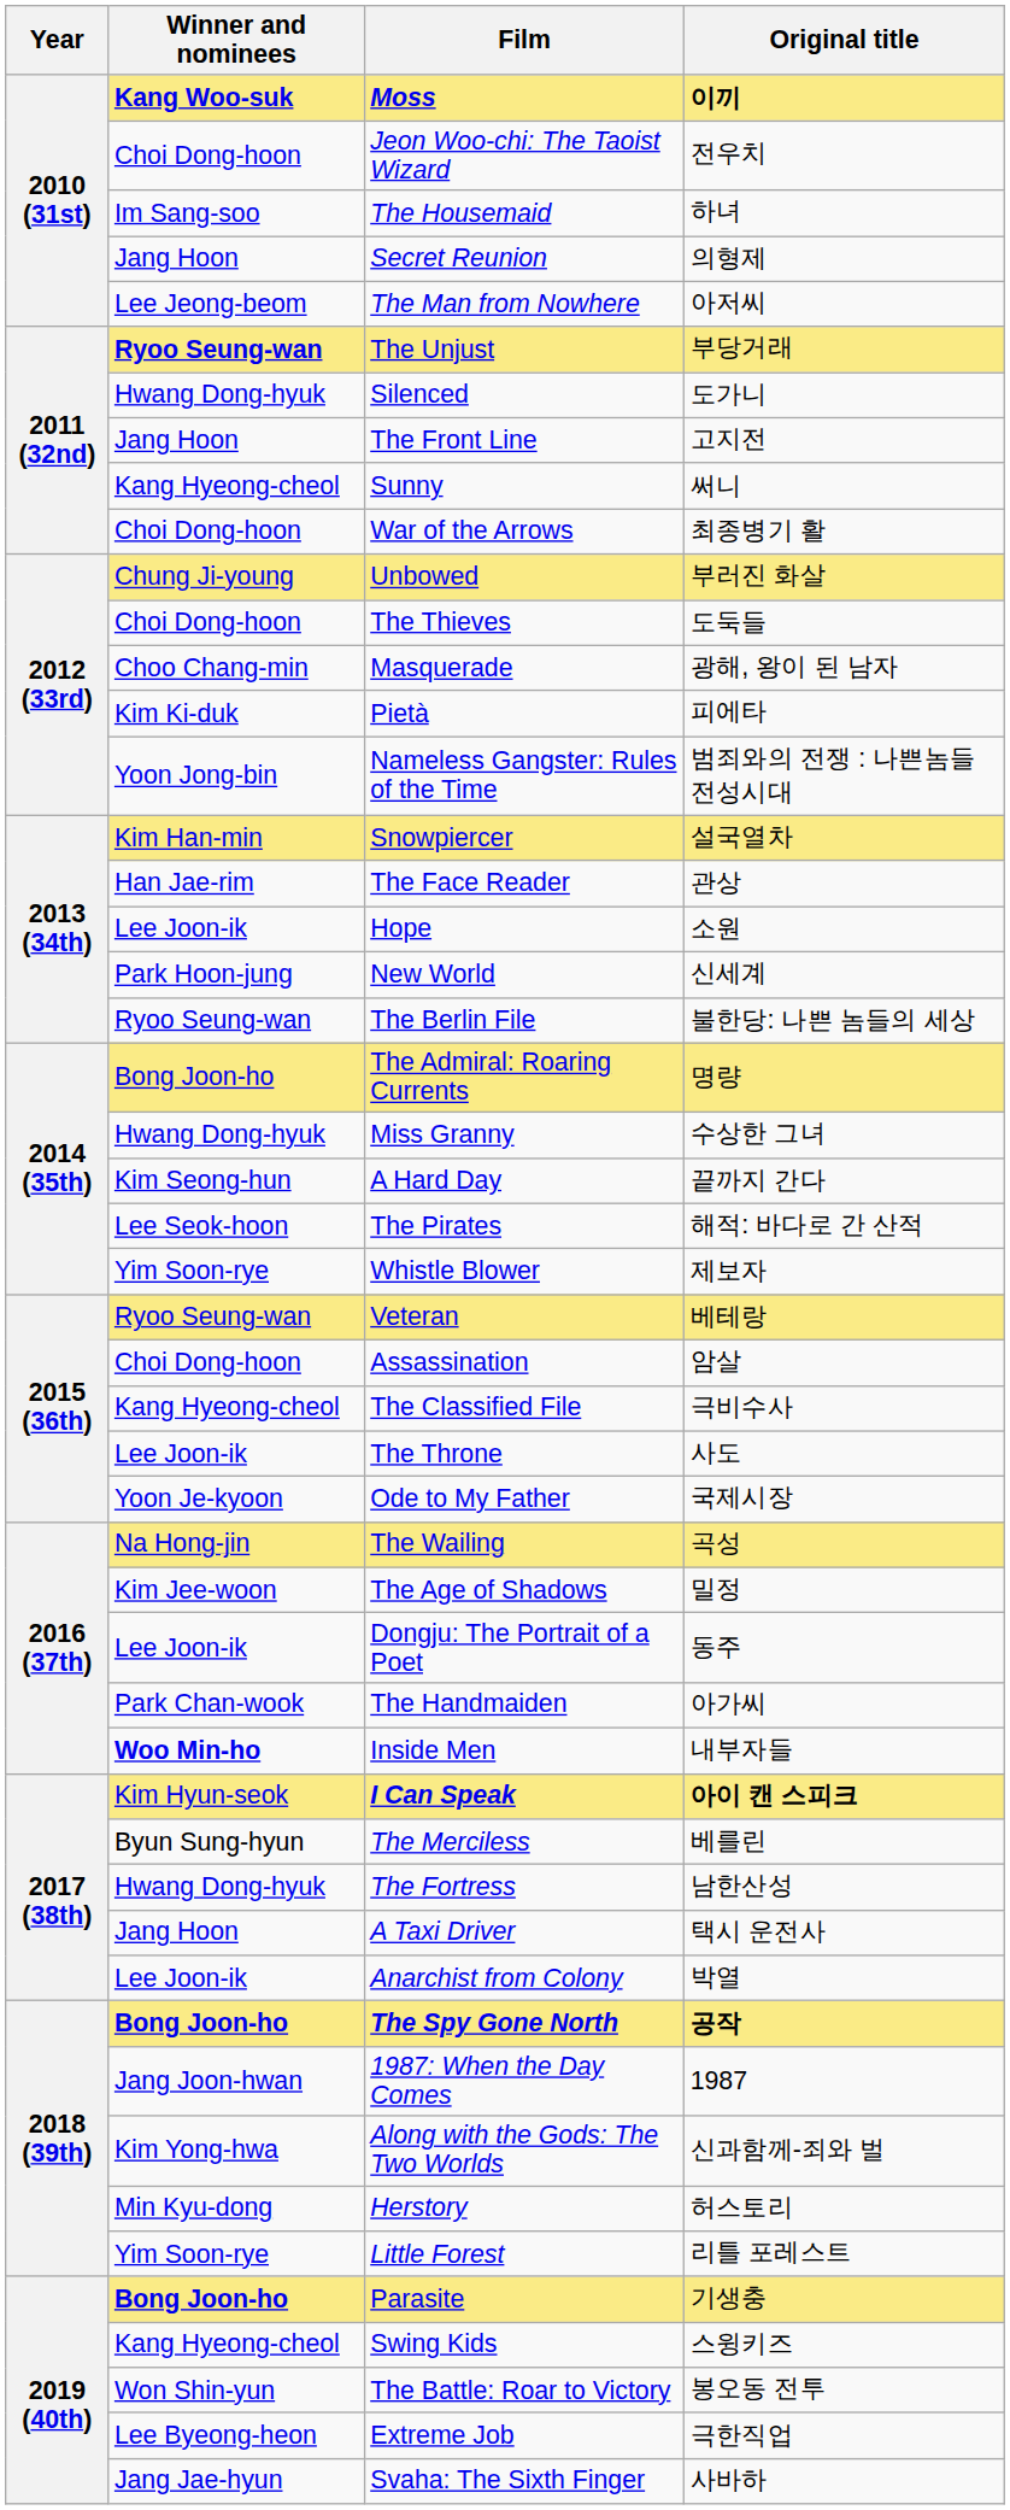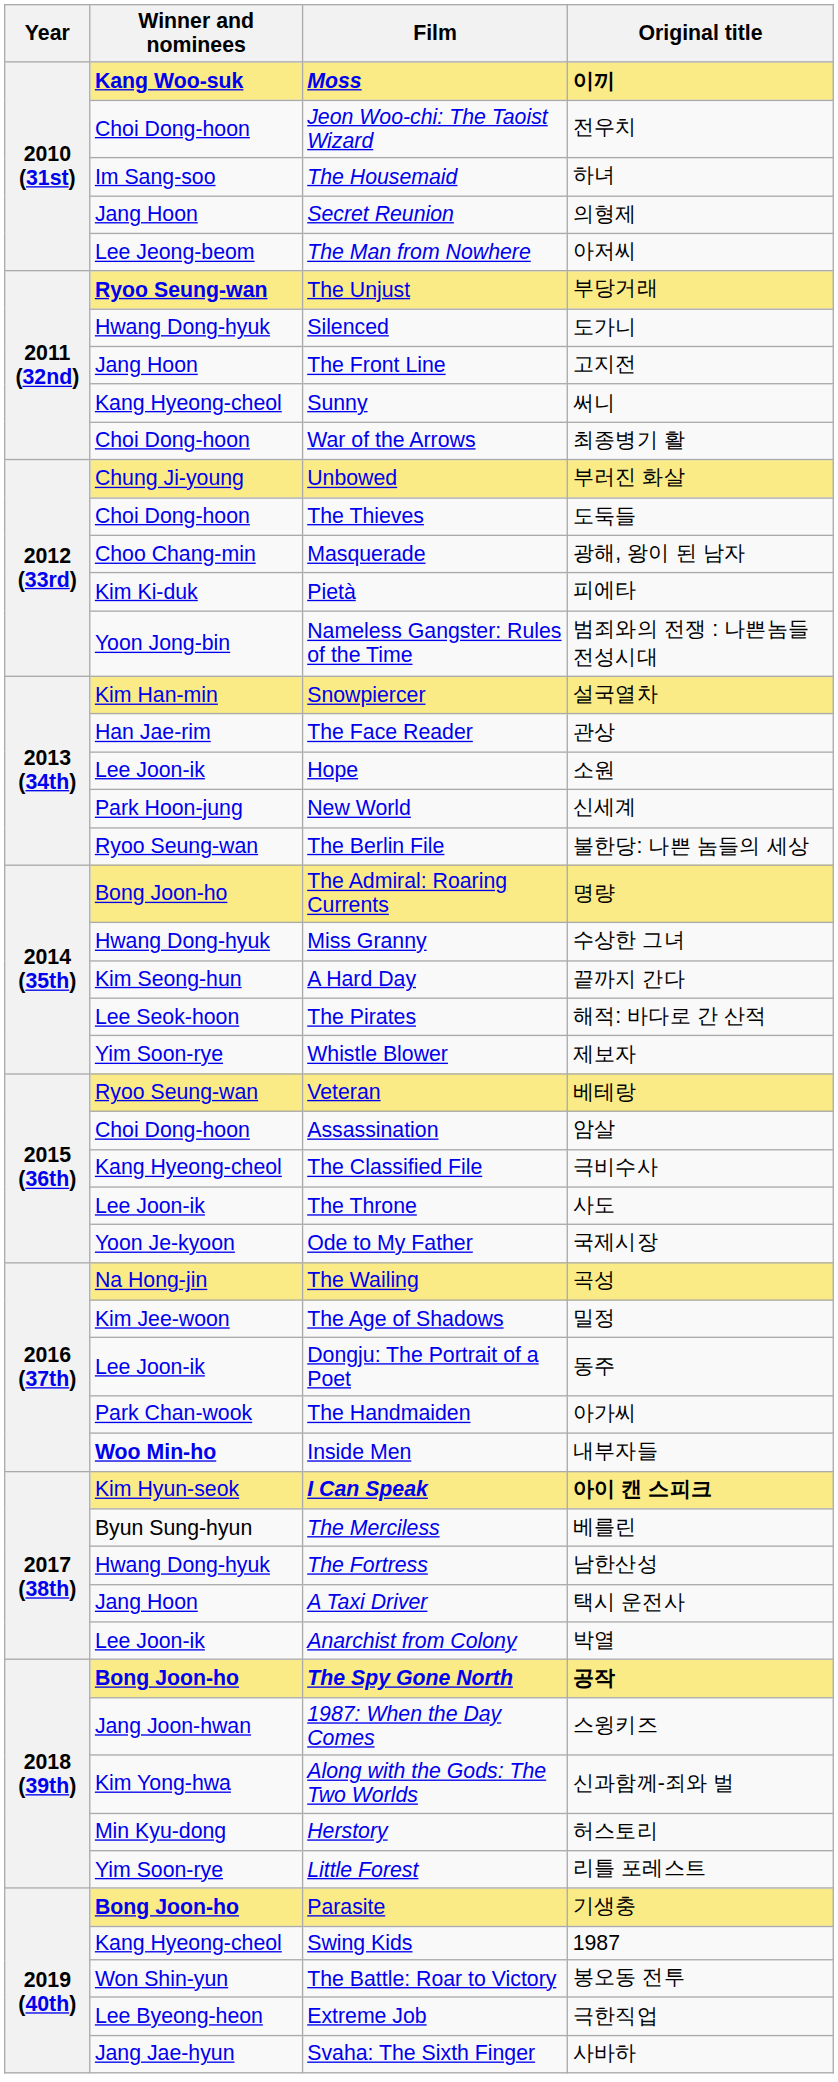 <table class="wikitable" style="width:100%;" cellpadding="6">
 <tr>
 <th style="width:5%;">Year</th>
 <th style="width:20%;">Winner and nominees</th>
 <th style="width:25%;">Film</th>
 <th style="width:25%;">Original title</th>
 </tr>
 <tr>
 <th rowspan="5">2010<br>(<a href='#'>31st</a>)</th>
 <td style="background:#FAEB86;"><strong><a href='#'>Kang Woo-suk</a></strong> <em></em></td>
 <td style="background:#FAEB86;"><a href='#'><strong><em>Moss</em></strong></a></td>
 <td style="background:#FAEB86;"><strong>이끼</strong></td>
 </tr>
 <tr>
 <td><a href='#'>Choi Dong-hoon</a></td>
 <td><em><a href='#'>Jeon Woo-chi: The Taoist Wizard</a></em></td>
 <td>전우치</td>
 </tr>
 <tr>
 <td><a href='#'>Im Sang-soo</a></td>
 <td><a href='#'><em>The Housemaid</em></a></td>
 <td>하녀</td>
 </tr>
 <tr>
 <td><a href='#'>Jang Hoon</a></td>
 <td><em><a href='#'>Secret Reunion</a></em></td>
 <td>의형제</td>
 </tr>
 <tr>
 <td><a href='#'>Lee Jeong-beom</a></td>
 <td><a href='#'><em>The Man from Nowhere</em></a></td>
 <td>아저씨</td>
 </tr>
 <tr>
 <th rowspan="5">2011<br>(<a href='#'>32nd</a>)</th>
 <td style="background:#FAEB86;"><strong><a href='#'>Ryoo Seung-wan</a> <em><strong><em></td>
 <td style="background:#FAEB86;"></em></strong><a href='#'>The Unjust</a><strong><em></td>
 <td style="background:#FAEB86;"></strong>부당거래<strong></td>
 </tr>
 <tr>
 <td><a href='#'>Hwang Dong-hyuk</a></td>
 <td><a href='#'></em>Silenced<em></a></td>
 <td>도가니</td>
 </tr>
 <tr>
 <td><a href='#'>Jang Hoon</a></td>
 <td><a href='#'></em>The Front Line<em></a></td>
 <td>고지전</td>
 </tr>
 <tr>
 <td><a href='#'>Kang Hyeong-cheol</a></td>
 <td><a href='#'></em>Sunny<em></a></td>
 <td>써니</td>
 </tr>
 <tr>
 <td><a href='#'>Choi Dong-hoon</a></td>
 <td></em><a href='#'>War of the Arrows</a><em></td>
 <td>최종병기 활</td>
 </tr>
 <tr>
 <th rowspan="5">2012<br>(<a href='#'>33rd</a>)</th>
 <td style="background:#FAEB86;"></strong><a href='#'>Chung Ji-young</a><strong> </em><em></td>
 <td style="background:#FAEB86;"></em></strong><a href='#'>Unbowed</a><strong><em></td>
 <td style="background:#FAEB86;"></strong>부러진 화살<strong></td>
 </tr>
 <tr>
 <td><a href='#'>Choi Dong-hoon</a></td>
 <td></em><a href='#'>The Thieves</a><em></td>
 <td>도둑들</td>
 </tr>
 <tr>
 <td><a href='#'>Choo Chang-min</a></td>
 <td><a href='#'></em>Masquerade<em></a></td>
 <td>광해, 왕이 된 남자</td>
 </tr>
 <tr>
 <td><a href='#'>Kim Ki-duk</a></td>
 <td></em><a href='#'>Pietà</a><em></td>
 <td>피에타</td>
 </tr>
 <tr>
 <td><a href='#'>Yoon Jong-bin</a></td>
 <td></em><a href='#'>Nameless Gangster: Rules of the Time</a><em></td>
 <td>범죄와의 전쟁 : 나쁜놈들 전성시대</td>
 </tr>
 <tr>
 <th rowspan="5">2013<br>(<a href='#'>34th</a>)</th>
 <td style="background:#FAEB86;"></strong><a href='#'>Kim Han-min</a><strong></td>
 <td style="background:#FAEB86;"><a href='#'></em></strong>Snowpiercer<strong><em></a></td>
 <td style="background:#FAEB86;"></strong>설국열차<strong></td>
 </tr>
 <tr>
 <td><a href='#'>Han Jae-rim</a></td>
 <td></em><a href='#'>The Face Reader</a><em></td>
 <td>관상</td>
 </tr>
 <tr>
 <td><a href='#'>Lee Joon-ik</a></td>
 <td></em><a href='#'>Hope</a><em></td>
 <td>소원</td>
 </tr>
 <tr>
 <td><a href='#'>Park Hoon-jung</a></td>
 <td><a href='#'></em>New World<em></a></td>
 <td>신세계</td>
 </tr>
 <tr>
 <td><a href='#'>Ryoo Seung-wan</a></td>
 <td></em><a href='#'>The Berlin File</a><em></td>
 <td>불한당: 나쁜 놈들의 세상</td>
 </tr>
 <tr>
 <th rowspan="5">2014<br>(<a href='#'>35th</a>)</th>
 <td style="background:#FAEB86;"></strong><a href='#'>Bong Joon-ho</a><strong> </em><em></td>
 <td style="background:#FAEB86;"></em></strong><a href='#'>The Admiral: Roaring Currents</a><strong><em></td>
 <td style="background:#FAEB86;"></strong>명량<strong></td>
 </tr>
 <tr>
 <td><a href='#'>Hwang Dong-hyuk</a></td>
 <td></em><a href='#'>Miss Granny</a><em></td>
 <td>수상한 그녀</td>
 </tr>
 <tr>
 <td><a href='#'>Kim Seong-hun</a></td>
 <td></em><a href='#'>A Hard Day</a><em></td>
 <td>끝까지 간다</td>
 </tr>
 <tr>
 <td><a href='#'>Lee Seok-hoon</a></td>
 <td></em><a href='#'>The Pirates</a><em></td>
 <td>해적: 바다로 간 산적</td>
 </tr>
 <tr>
 <td><a href='#'>Yim Soon-rye</a></td>
 <td><a href='#'></em>Whistle Blower<em></a></td>
 <td>제보자</td>
 </tr>
 <tr>
 <th rowspan="5">2015<br>(<a href='#'>36th</a>)</th>
 <td style="background:#FAEB86;"></strong><a href='#'>Ryoo Seung-wan</a><strong> </em><em></td>
 <td style="background:#FAEB86;"><a href='#'></em></strong>Veteran<strong><em></a></td>
 <td style="background:#FAEB86;"></strong>베테랑<strong></td>
 </tr>
 <tr>
 <td><a href='#'>Choi Dong-hoon</a></td>
 <td></em><a href='#'>Assassination</a> <em></td>
 <td>암살</td>
 </tr>
 <tr>
 <td><a href='#'>Kang Hyeong-cheol</a></td>
 <td></em><a href='#'>The Classified File</a><em></td>
 <td>극비수사</td>
 </tr>
 <tr>
 <td><a href='#'>Lee Joon-ik</a></td>
 <td><a href='#'></em>The Throne<em></a></td>
 <td>사도</td>
 </tr>
 <tr>
 <td><a href='#'>Yoon Je-kyoon</a></td>
 <td></em><a href='#'>Ode to My Father</a><em></td>
 <td>국제시장</td>
 </tr>
 <tr>
 <th rowspan="5">2016<br>(<a href='#'>37th</a>)</th>
 <td style="background:#FAEB86;"></strong><a href='#'>Na Hong-jin</a><strong> </em><em></td>
 <td style="background:#FAEB86;"><a href='#'></em></strong>The Wailing<strong><em></a></td>
 <td style="background:#FAEB86;"></strong>곡성<strong></td>
 </tr>
 <tr>
 <td><a href='#'>Kim Jee-woon</a></td>
 <td></em><a href='#'>The Age of Shadows</a><em></td>
 <td>밀정</td>
 </tr>
 <tr>
 <td><a href='#'>Lee Joon-ik</a></td>
 <td></em><a href='#'>Dongju: The Portrait of a Poet</a><em></td>
 <td>동주</td>
 </tr>
 <tr>
 <td><a href='#'>Park Chan-wook</a></td>
 <td></em><a href='#'>The Handmaiden</a><em></td>
 <td>아가씨</td>
 </tr>
 <tr>
 <td><strong><a href='#'>Woo Min-ho</a></strong></td>
 <td></em><a href='#'>Inside Men</a> <em></td>
 <td>내부자들</td>
 </tr>
 <tr>
 <th rowspan="5"><div><br>2017<br>(<a href='#'>38th</a>)<br></div></th>
 <td style="background:#FAEB86;"></strong><a href='#'>Kim Hyun-seok</a> </em></em></strong></td>
 <td style="background:#FAEB86;"><strong><em><a href='#'>I Can Speak</a></em></strong></td>
 <td style="background:#FAEB86;"><strong>아이 캔 스피크</strong></td>
 </tr>
 <tr>
 <td>Byun Sung-hyun</td>
 <td><a href='#'><em>The Merciless</em></a></td>
 <td>베를린</td>
 </tr>
 <tr>
 <td><a href='#'>Hwang Dong-hyuk</a></td>
 <td><a href='#'><em>The Fortress</em></a></td>
 <td>남한산성</td>
 </tr>
 <tr>
 <td><a href='#'>Jang Hoon</a></td>
 <td><em><a href='#'>A Taxi Driver</a> </em></td>
 <td>택시 운전사</td>
 </tr>
 <tr>
 <td><a href='#'>Lee Joon-ik</a></td>
 <td><em><a href='#'>Anarchist from Colony</a></em></td>
 <td>박열</td>
 </tr>
 <tr>
 <th rowspan="5">2018<br>(<a href='#'>39th</a>)</th>
 <td style="background:#FAEB86;"><strong><a href='#'>Bong Joon-ho</a> <em><strong><em></td>
 <td style="background:#FAEB86;"><strong><em><a href='#'>The Spy Gone North</a></em></strong></td>
 <td style="background:#FAEB86;"><strong>공작</strong></td>
 </tr>
 <tr>
 <td><a href='#'>Jang Joon-hwan</a></td>
 <td><em><a href='#'>1987: When the Day Comes</a> </em></td>
-<td>1987</td>
+<td>스윙키즈</td>
 </tr>
 <tr>
 <td><a href='#'>Kim Yong-hwa</a></td>
 <td><em><a href='#'>Along with the Gods: The Two Worlds</a></em></td>
 <td>신과함께-죄와 벌</td>
 </tr>
 <tr>
 <td><a href='#'>Min Kyu-dong</a></td>
 <td><em><a href='#'>Herstory</a></em></td>
 <td>허스토리</td>
 </tr>
 <tr>
 <td><a href='#'>Yim Soon-rye</a></td>
 <td><a href='#'><em>Little Forest</em></a></td>
 <td>리틀 포레스트</td>
 </tr>
 <tr>
 <th rowspan="5"><div><br>2019<br>(<a href='#'>40th</a>) </div></th>
 <td style="background:#FAEB86;"><strong><a href='#'>Bong Joon-ho</a> <em><strong><em></td>
 <td style="background:#FAEB86;"></em><a href='#'></strong>Parasite<strong></a><em></td>
 <td style="background:#FAEB86;"></strong>기생충<strong></td>
 </tr>
 <tr>
 <td><a href='#'>Kang Hyeong-cheol</a></td>
 <td><a href='#'></em>Swing Kids<em></a></td>
-<td>스윙키즈</td>
+<td>1987</td>
 </tr>
 <tr>
 <td><a href='#'>Won Shin-yun</a></td>
 <td></em><a href='#'>The Battle: Roar to Victory</a><em></td>
 <td>봉오동 전투</td>
 </tr>
 <tr>
 <td><a href='#'>Lee Byeong-heon</a></td>
 <td></em><a href='#'>Extreme Job</a><em></td>
 <td>극한직업</td>
 </tr>
 <tr>
 <td><a href='#'>Jang Jae-hyun</a></td>
 <td></em><a href='#'>Svaha: The Sixth Finger</a><em></td>
 <td>사바하</td>
 </tr>
 </table>
